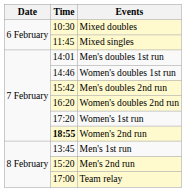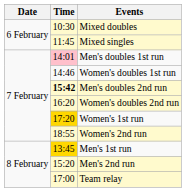 <table class="wikitable" border="1">
 <tr>
 <th>Date</th>
 <th>Time</th>
 <th>Events</th>
 </tr>
 <tr>
 <td rowspan=2>6 February</td>
 <td bgcolor="lemonchiffon">10:30</td>
 <td bgcolor="lemonchiffon">Mixed doubles</td>
 </tr>
 <tr bgcolor="lemonchiffon">
 <td>11:45</td>
 <td>Mixed singles</td>
 </tr>
 <tr>
 <td rowspan=6>7 February</td>
-<td>14:01</td>
+<td style="background: pink;">14:01</td>
 <td>Men's doubles 1st run</td>
 </tr>
 <tr>
 <td>14:46</td>
 <td>Women's doubles 1st run</td>
 </tr>
 <tr bgcolor="lemonchiffon">
-<td>15:42</td>
+<td><strong>15:42</strong></td>
 <td>Men's doubles 2nd run</td>
 </tr>
 <tr bgcolor="lemonchiffon">
 <td>16:20</td>
 <td>Women's doubles 2nd run</td>
 </tr>
 <tr>
-<td>17:20</td>
+<td style="background: gold;">17:20</td>
 <td>Women's 1st run</td>
 </tr>
 <tr bgcolor="lemonchiffon">
-<td><strong>18:55</strong></td>
+<td>18:55</td>
 <td>Women's 2nd run</td>
 </tr>
 <tr>
 <td rowspan=3>8 February</td>
-<td>13:45</td>
+<td style="background: gold;">13:45</td>
 <td>Men's 1st run</td>
 </tr>
 <tr bgcolor="lemonchiffon">
 <td>15:20</td>
 <td>Men's 2nd run</td>
 </tr>
 <tr bgcolor="lemonchiffon">
 <td>17:00</td>
 <td>Team relay</td>
 </tr>
 </table>
